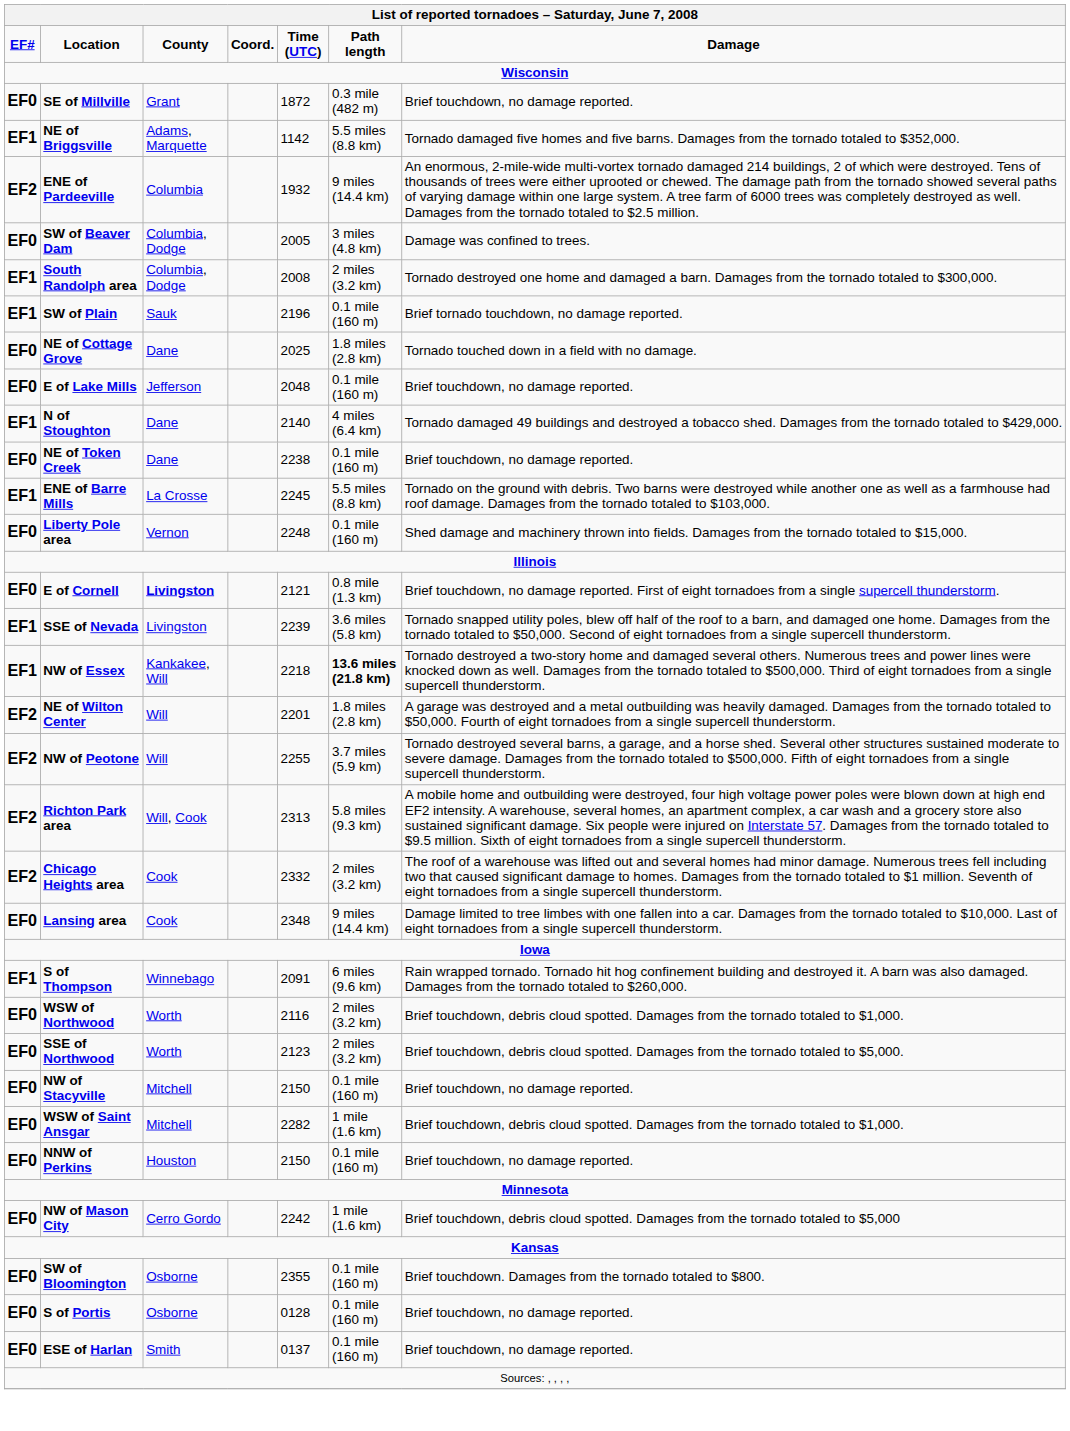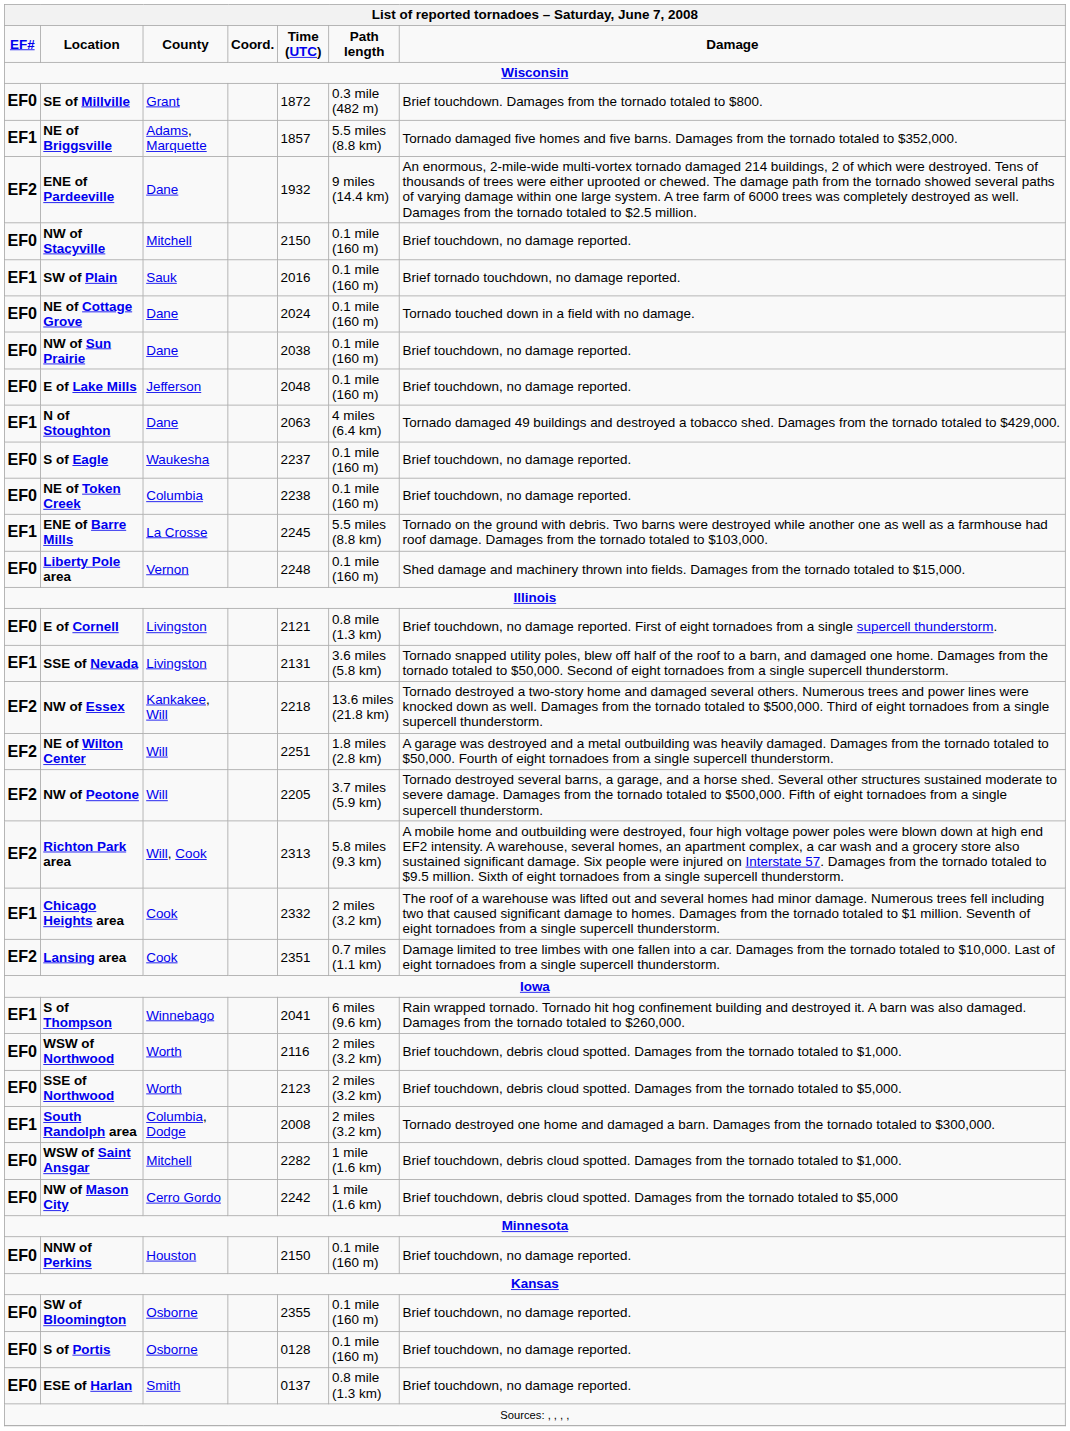 <table class="wikitable collapsible" width="100%">
 <tr>
 <th colspan="7">List of reported tornadoes – Saturday, June 7, 2008</th>
 </tr>
 <tr>
 <td style="text-align:center;"><strong><a href='#'>EF#</a></strong></td>
 <td style="text-align:center;"><strong>Location</strong></td>
 <td style="text-align:center;"><strong>County</strong></td>
 <td style="text-align:center;"><strong>Coord.</strong></td>
 <td style="text-align:center;"><strong>Time (<a href='#'>UTC</a>)</strong></td>
 <td style="text-align:center;"><strong>Path length</strong></td>
 <td style="text-align:center;"><strong>Damage</strong></td>
 </tr>
 <tr>
 <td colspan="7" align=center><strong><a href='#'>Wisconsin</a></strong></td>
 </tr>
 <tr>
 <td><big><strong>EF0</strong></big></td>
 <td><strong>SE of <a href='#'>Millville</a></strong></td>
 <td><a href='#'>Grant</a></td>
 <td></td>
 <td>1872</td>
 <td>0.3 mile<br>(482 m)</td>
-<td>Brief touchdown, no damage reported.</td>
+<td>Brief touchdown. Damages from the tornado totaled to $800.</td>
 </tr>
 <tr>
 <td><big><strong>EF1</strong></big></td>
 <td><strong>NE of <a href='#'>Briggsville</a></strong></td>
 <td><a href='#'>Adams</a>, <a href='#'>Marquette</a></td>
 <td></td>
-<td>1142</td>
+<td>1857</td>
 <td>5.5 miles<br>(8.8 km)</td>
 <td>Tornado damaged five homes and five barns. Damages from the tornado totaled to $352,000.</td>
 </tr>
 <tr>
 <td><big><strong>EF2</strong></big></td>
 <td><strong>ENE of <a href='#'>Pardeeville</a></strong></td>
-<td><a href='#'>Columbia</a></td>
+<td><a href='#'>Dane</a></td>
 <td></td>
 <td>1932</td>
 <td>9 miles<br>(14.4 km)</td>
 <td>An enormous, 2-mile-wide multi-vortex tornado damaged 214 buildings, 2 of which were destroyed. Tens of thousands of trees were either uprooted or chewed. The damage path from the tornado showed several paths of varying damage within one large system. A tree farm of 6000 trees was completely destroyed as well. Damages from the tornado totaled to $2.5 million.</td>
 </tr>
 <tr>
 <td><big><strong>EF0</strong></big></td>
-<td><strong>SW of <a href='#'>Beaver Dam</a></strong></td>
-<td><a href='#'>Columbia</a>, <a href='#'>Dodge</a></td>
+<td><strong>NW of <a href='#'>Stacyville</a></strong></td>
+<td><a href='#'>Mitchell</a></td>
 <td></td>
-<td>2005</td>
-<td>3 miles<br>(4.8 km)</td>
-<td>Damage was confined to trees.</td>
-</tr>
-<tr>
-<td><big><strong>EF1</strong></big></td>
-<td><strong><a href='#'>South Randolph</a> area</strong></td>
-<td><a href='#'>Columbia</a>, <a href='#'>Dodge</a></td>
-<td></td>
-<td>2008</td>
-<td>2 miles<br>(3.2 km)</td>
-<td>Tornado destroyed one home and damaged a barn. Damages from the tornado totaled to $300,000.</td>
+<td>2150</td>
+<td>0.1 mile<br>(160 m)</td>
+<td>Brief touchdown, no damage reported.</td>
 </tr>
 <tr>
 <td><big><strong>EF1</strong></big></td>
 <td><strong>SW of <a href='#'>Plain</a></strong></td>
 <td><a href='#'>Sauk</a></td>
 <td></td>
-<td>2196</td>
+<td>2016</td>
 <td>0.1 mile<br>(160 m)</td>
 <td>Brief tornado touchdown, no damage reported.</td>
 </tr>
 <tr>
 <td><big><strong>EF0</strong></big></td>
 <td><strong>NE of <a href='#'>Cottage Grove</a></strong></td>
 <td><a href='#'>Dane</a></td>
 <td></td>
-<td>2025</td>
-<td>1.8 miles<br>(2.8 km)</td>
+<td>2024</td>
+<td>0.1 mile<br>(160 m)</td>
 <td>Tornado touched down in a field with no damage.</td>
+</tr>
+<tr>
+<td><big><strong>EF0</strong></big></td>
+<td><strong>NW of <a href='#'>Sun Prairie</a></strong></td>
+<td><a href='#'>Dane</a></td>
+<td></td>
+<td>2038</td>
+<td>0.1 mile<br>(160 m)</td>
+<td>Brief touchdown, no damage reported.</td>
 </tr>
 <tr>
 <td><big><strong>EF0</strong></big></td>
 <td><strong>E of <a href='#'>Lake Mills</a></strong></td>
 <td><a href='#'>Jefferson</a></td>
 <td></td>
 <td>2048</td>
 <td>0.1 mile<br>(160 m)</td>
 <td>Brief touchdown, no damage reported.</td>
 </tr>
 <tr>
 <td><big><strong>EF1</strong></big></td>
 <td><strong>N of <a href='#'>Stoughton</a></strong></td>
 <td><a href='#'>Dane</a></td>
 <td></td>
-<td>2140</td>
+<td>2063</td>
 <td>4 miles<br>(6.4 km)</td>
 <td>Tornado damaged 49 buildings and destroyed a tobacco shed. Damages from the tornado totaled to $429,000.</td>
 </tr>
 <tr>
 <td><big><strong>EF0</strong></big></td>
+<td><strong>S of <a href='#'>Eagle</a></strong></td>
+<td><a href='#'>Waukesha</a></td>
+<td></td>
+<td>2237</td>
+<td>0.1 mile<br>(160 m)</td>
+<td>Brief touchdown, no damage reported.</td>
+</tr>
+<tr>
+<td><big><strong>EF0</strong></big></td>
 <td><strong>NE of <a href='#'>Token Creek</a></strong></td>
-<td><a href='#'>Dane</a></td>
+<td><a href='#'>Columbia</a></td>
 <td></td>
 <td>2238</td>
 <td>0.1 mile<br>(160 m)</td>
 <td>Brief touchdown, no damage reported.</td>
 </tr>
 <tr>
 <td><big><strong>EF1</strong></big></td>
 <td><strong>ENE of <a href='#'>Barre Mills</a></strong></td>
 <td><a href='#'>La Crosse</a></td>
 <td></td>
 <td>2245</td>
 <td>5.5 miles<br>(8.8 km)</td>
 <td>Tornado on the ground with debris. Two barns were destroyed while another one as well as a farmhouse had roof damage. Damages from the tornado totaled to $103,000.</td>
 </tr>
 <tr>
 <td><big><strong>EF0</strong></big></td>
 <td><strong><a href='#'>Liberty Pole</a> area</strong></td>
 <td><a href='#'>Vernon</a></td>
 <td></td>
 <td>2248</td>
 <td>0.1 mile<br>(160 m)</td>
 <td>Shed damage and machinery thrown into fields. Damages from the tornado totaled to $15,000.</td>
 </tr>
 <tr>
 <td colspan="7" align=center><strong><a href='#'>Illinois</a></strong></td>
 </tr>
 <tr>
 <td><big><strong>EF0</strong></big></td>
 <td><strong>E of <a href='#'>Cornell</a></strong></td>
-<td><strong><a href='#'>Livingston</a></strong></td>
+<td><a href='#'>Livingston</a></td>
 <td></td>
 <td>2121</td>
 <td>0.8 mile<br>(1.3 km)</td>
 <td>Brief touchdown, no damage reported. First of eight tornadoes from a single <a href='#'>supercell thunderstorm</a>.</td>
 </tr>
 <tr>
 <td><big><strong>EF1</strong></big></td>
 <td><strong>SSE of <a href='#'>Nevada</a></strong></td>
 <td><a href='#'>Livingston</a></td>
 <td></td>
-<td>2239</td>
+<td>2131</td>
 <td>3.6 miles<br>(5.8 km)</td>
 <td>Tornado snapped utility poles, blew off half of the roof to a barn, and damaged one home. Damages from the tornado totaled to $50,000. Second of eight tornadoes from a single supercell thunderstorm.</td>
 </tr>
 <tr>
-<td><big><strong>EF1</strong></big></td>
+<td><big><strong>EF2</strong></big></td>
 <td><strong>NW of <a href='#'>Essex</a></strong></td>
 <td><a href='#'>Kankakee</a>, <a href='#'>Will</a></td>
 <td></td>
 <td>2218</td>
-<td><strong>13.6 miles<br>(21.8 km)</strong></td>
+<td>13.6 miles<br>(21.8 km)</td>
 <td>Tornado destroyed a two-story home and damaged several others. Numerous trees and power lines were knocked down as well. Damages from the tornado totaled to $500,000. Third of eight tornadoes from a single supercell thunderstorm.</td>
 </tr>
 <tr>
 <td><big><strong>EF2</strong></big></td>
 <td><strong>NE of <a href='#'>Wilton Center</a></strong></td>
 <td><a href='#'>Will</a></td>
 <td></td>
-<td>2201</td>
+<td>2251</td>
 <td>1.8 miles<br>(2.8 km)</td>
 <td>A garage was destroyed and a metal outbuilding was heavily damaged. Damages from the tornado totaled to $50,000. Fourth of eight tornadoes from a single supercell thunderstorm.</td>
 </tr>
 <tr>
 <td><big><strong>EF2</strong></big></td>
 <td><strong>NW of <a href='#'>Peotone</a></strong></td>
 <td><a href='#'>Will</a></td>
 <td></td>
-<td>2255</td>
+<td>2205</td>
 <td>3.7 miles<br>(5.9 km)</td>
 <td>Tornado destroyed several barns, a garage, and a horse shed. Several other structures sustained moderate to severe damage. Damages from the tornado totaled to $500,000. Fifth of eight tornadoes from a single supercell thunderstorm.</td>
 </tr>
 <tr>
 <td><big><strong>EF2</strong></big></td>
 <td><strong><a href='#'>Richton Park</a> area</strong></td>
 <td><a href='#'>Will</a>, <a href='#'>Cook</a></td>
 <td></td>
 <td>2313</td>
 <td>5.8 miles<br>(9.3 km)</td>
 <td>A mobile home and outbuilding were destroyed, four high voltage power poles were blown down at high end EF2 intensity. A warehouse, several homes, an apartment complex, a car wash and a grocery store also sustained significant damage. Six people were injured on <a href='#'>Interstate 57</a>. Damages from the tornado totaled to $9.5 million. Sixth of eight tornadoes from a single supercell thunderstorm.</td>
 </tr>
 <tr>
-<td><big><strong>EF2</strong></big></td>
+<td><big><strong>EF1</strong></big></td>
 <td><strong><a href='#'>Chicago Heights</a> area</strong></td>
 <td><a href='#'>Cook</a></td>
 <td></td>
 <td>2332</td>
 <td>2 miles<br>(3.2 km)</td>
 <td>The roof of a warehouse was lifted out and several homes had minor damage. Numerous trees fell including two that caused significant damage to homes. Damages from the tornado totaled to $1 million. Seventh of eight tornadoes from a single supercell thunderstorm.</td>
 </tr>
 <tr>
-<td><big><strong>EF0</strong></big></td>
+<td><big><strong>EF2</strong></big></td>
 <td><strong><a href='#'>Lansing</a> area</strong></td>
 <td><a href='#'>Cook</a></td>
 <td></td>
-<td>2348</td>
-<td>9 miles<br>(14.4 km)</td>
+<td>2351</td>
+<td>0.7 miles<br>(1.1 km)</td>
 <td>Damage limited to tree limbes with one fallen into a car. Damages from the tornado totaled to $10,000. Last of eight tornadoes from a single supercell thunderstorm.</td>
 </tr>
 <tr>
 <td colspan="7" align=center><strong><a href='#'>Iowa</a></strong></td>
 </tr>
 <tr>
 <td><big><strong>EF1</strong></big></td>
 <td><strong>S of <a href='#'>Thompson</a></strong></td>
 <td><a href='#'>Winnebago</a></td>
 <td></td>
-<td>2091</td>
+<td>2041</td>
 <td>6 miles<br>(9.6 km)</td>
 <td>Rain wrapped tornado. Tornado hit hog confinement building and destroyed it. A barn was also damaged. Damages from the tornado totaled to $260,000.</td>
 </tr>
 <tr>
 <td><big><strong>EF0</strong></big></td>
 <td><strong>WSW of <a href='#'>Northwood</a></strong></td>
 <td><a href='#'>Worth</a></td>
 <td></td>
 <td>2116</td>
 <td>2 miles<br>(3.2 km)</td>
 <td>Brief touchdown, debris cloud spotted. Damages from the tornado totaled to $1,000.</td>
 </tr>
 <tr>
 <td><big><strong>EF0</strong></big></td>
 <td><strong>SSE of <a href='#'>Northwood</a></strong></td>
 <td><a href='#'>Worth</a></td>
 <td></td>
 <td>2123</td>
 <td>2 miles<br>(3.2 km)</td>
 <td>Brief touchdown, debris cloud spotted. Damages from the tornado totaled to $5,000.</td>
 </tr>
 <tr>
-<td><big><strong>EF0</strong></big></td>
-<td><strong>NW of <a href='#'>Stacyville</a></strong></td>
-<td><a href='#'>Mitchell</a></td>
+<td><big><strong>EF1</strong></big></td>
+<td><strong><a href='#'>South Randolph</a> area</strong></td>
+<td><a href='#'>Columbia</a>, <a href='#'>Dodge</a></td>
 <td></td>
-<td>2150</td>
-<td>0.1 mile<br>(160 m)</td>
-<td>Brief touchdown, no damage reported.</td>
+<td>2008</td>
+<td>2 miles<br>(3.2 km)</td>
+<td>Tornado destroyed one home and damaged a barn. Damages from the tornado totaled to $300,000.</td>
 </tr>
 <tr>
 <td><big><strong>EF0</strong></big></td>
 <td><strong>WSW of <a href='#'>Saint Ansgar</a></strong></td>
 <td><a href='#'>Mitchell</a></td>
 <td></td>
 <td>2282</td>
 <td>1 mile<br>(1.6 km)</td>
 <td>Brief touchdown, debris cloud spotted. Damages from the tornado totaled to $1,000.</td>
 </tr>
 <tr>
 <td><big><strong>EF0</strong></big></td>
+<td><strong>NW of <a href='#'>Mason City</a></strong></td>
+<td><a href='#'>Cerro Gordo</a></td>
+<td></td>
+<td>2242</td>
+<td>1 mile<br>(1.6 km)</td>
+<td>Brief touchdown, debris cloud spotted. Damages from the tornado totaled to $5,000</td>
+</tr>
+<tr>
+<td colspan="7" align=center><strong><a href='#'>Minnesota</a></strong></td>
+</tr>
+<tr>
+<td><big><strong>EF0</strong></big></td>
 <td><strong>NNW of <a href='#'>Perkins</a></strong></td>
 <td><a href='#'>Houston</a></td>
 <td></td>
 <td>2150</td>
 <td>0.1 mile<br>(160 m)</td>
 <td>Brief touchdown, no damage reported.</td>
-</tr>
-<tr>
-<td colspan="7" align=center><strong><a href='#'>Minnesota</a></strong></td>
-</tr>
-<tr>
-<td><big><strong>EF0</strong></big></td>
-<td><strong>NW of <a href='#'>Mason City</a></strong></td>
-<td><a href='#'>Cerro Gordo</a></td>
-<td></td>
-<td>2242</td>
-<td>1 mile<br>(1.6 km)</td>
-<td>Brief touchdown, debris cloud spotted. Damages from the tornado totaled to $5,000</td>
 </tr>
 <tr>
 <td colspan="7" align=center><strong><a href='#'>Kansas</a></strong></td>
 </tr>
 <tr>
 <td><big><strong>EF0</strong></big></td>
 <td><strong>SW of <a href='#'>Bloomington</a></strong></td>
 <td><a href='#'>Osborne</a></td>
 <td><br></td>
 <td>2355</td>
 <td>0.1 mile<br>(160 m)</td>
-<td>Brief touchdown. Damages from the tornado totaled to $800.</td>
+<td>Brief touchdown, no damage reported.</td>
 </tr>
 <tr>
 <td><big><strong>EF0</strong></big></td>
 <td><strong>S of <a href='#'>Portis</a></strong></td>
 <td><a href='#'>Osborne</a></td>
 <td></td>
 <td>0128</td>
 <td>0.1 mile<br>(160 m)</td>
 <td>Brief touchdown, no damage reported.</td>
 </tr>
 <tr>
 <td><big><strong>EF0</strong></big></td>
 <td><strong>ESE of <a href='#'>Harlan</a></strong></td>
 <td><a href='#'>Smith</a></td>
 <td></td>
 <td>0137</td>
-<td>0.1 mile<br>(160 m)</td>
+<td>0.8 mile<br>(1.3 km)</td>
 <td>Brief touchdown, no damage reported.</td>
 </tr>
 <tr>
 <td colspan="7" align=center><small>Sources: , , , ,  </small></td>
 </tr>
 <tr>
 </tr>
 </table>
